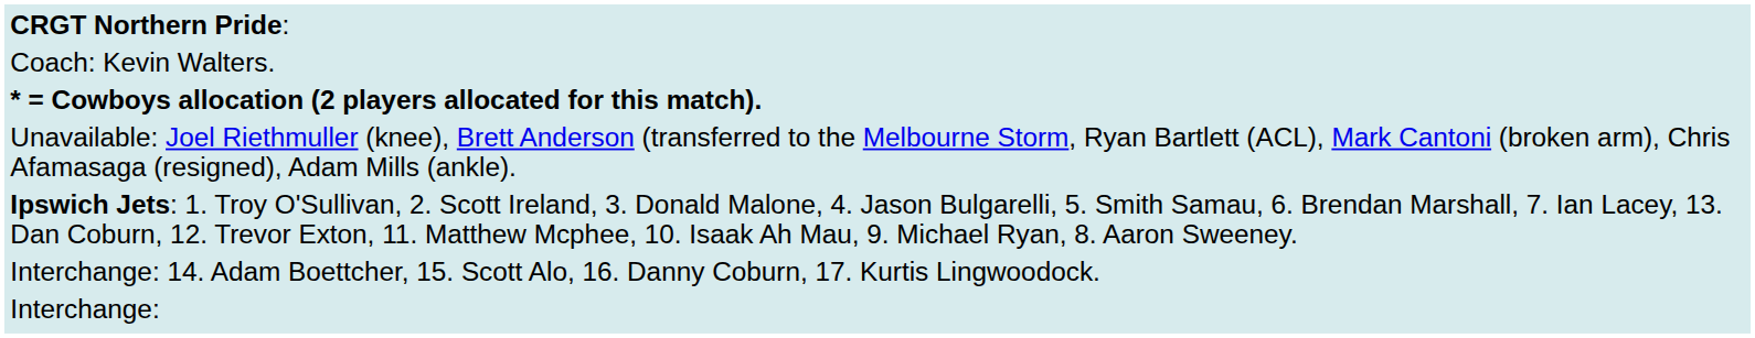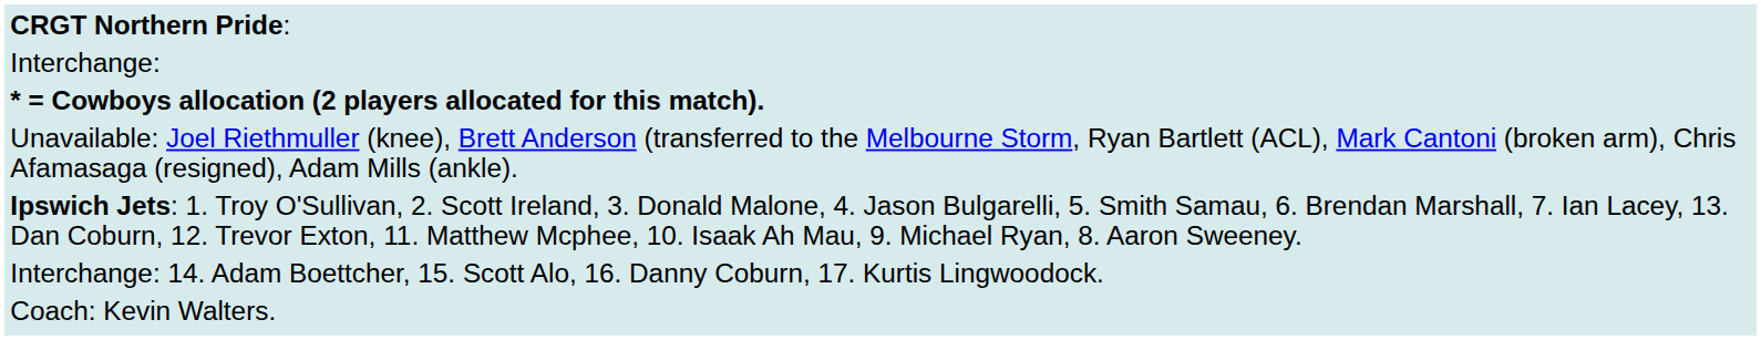 <table style="background:#d7ebed; font-size:85%; width:100%;">
 <tr>
 <td><strong>CRGT Northern Pride</strong>:             </td>
 </tr>
 <tr>
-<td>Coach: Kevin Walters.</td>
+<td>Interchange:    </td>
 </tr>
 <tr>
 <td><strong>* = Cowboys allocation (2 players allocated for this match).</strong></td>
 </tr>
 <tr>
 <td>Unavailable: <a href='#'>Joel Riethmuller</a> (knee), <a href='#'>Brett Anderson</a> (transferred to the <a href='#'>Melbourne Storm</a>, Ryan Bartlett (ACL), <a href='#'>Mark Cantoni</a> (broken arm), Chris Afamasaga (resigned), Adam Mills (ankle).</td>
 </tr>
 <tr>
 <td><strong>Ipswich Jets</strong>: 1. Troy O'Sullivan, 2. Scott Ireland, 3. Donald Malone, 4. Jason Bulgarelli, 5. Smith Samau, 6. Brendan Marshall, 7. Ian Lacey, 13. Dan Coburn, 12. Trevor Exton, 11. Matthew Mcphee, 10. Isaak Ah Mau, 9. Michael Ryan, 8. Aaron Sweeney.</td>
 </tr>
 <tr>
 <td>Interchange: 14. Adam Boettcher, 15. Scott Alo, 16. Danny Coburn, 17. Kurtis Lingwoodock.</td>
 </tr>
 <tr>
-<td>Interchange:    </td>
+<td>Coach: Kevin Walters.</td>
 </tr>
 <tr>
 </tr>
 </table>
